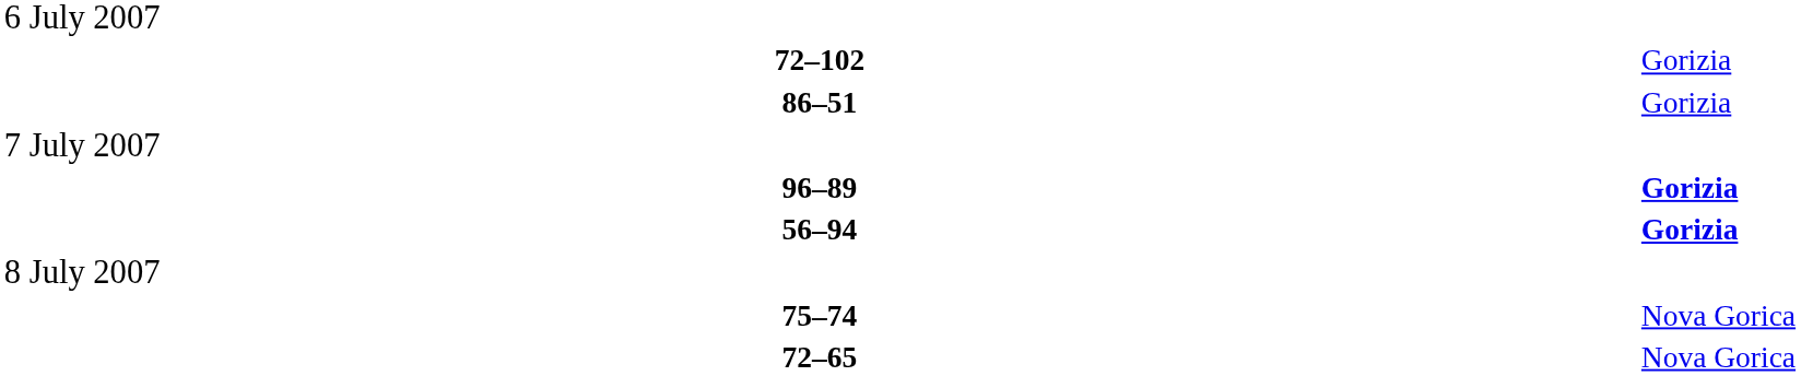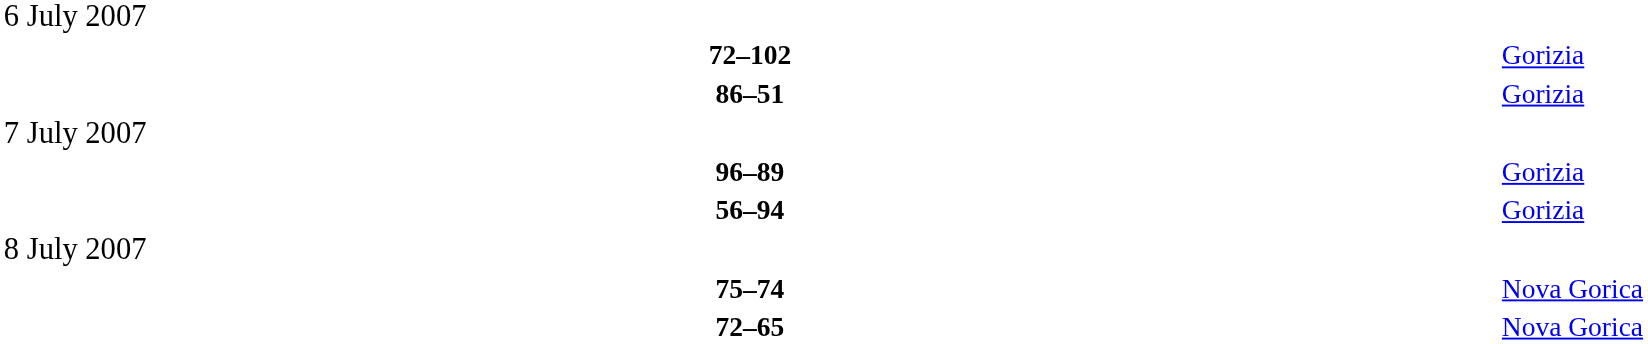 <table style="width:100%;" cellspacing="1">
 <tr>
 <th width=25%></th>
 <th width=3%></th>
 <th width=6%></th>
 <th width=3%></th>
 <th width=25%></th>
 </tr>
 <tr>
 <td>6 July 2007</td>
 </tr>
 <tr style=font-size:90%>
 <td align=right><strong></strong></td>
 <td></td>
 <td align=center><strong>72–102</strong></td>
 <td></td>
 <td><strong></strong></td>
 <td><a href='#'>Gorizia</a></td>
 </tr>
 <tr style=font-size:90%>
 <td align=right><strong></strong></td>
 <td></td>
 <td align=center><strong>86–51</strong></td>
 <td></td>
 <td><strong></strong></td>
 <td><a href='#'>Gorizia</a></td>
 </tr>
 <tr>
 <td>7 July 2007</td>
 </tr>
 <tr style=font-size:90%>
 <td align=right><strong></strong></td>
 <td></td>
 <td align=center><strong>96–89</strong></td>
 <td></td>
 <td><strong></strong></td>
-<td><strong><a href='#'>Gorizia</a></strong></td>
+<td><a href='#'>Gorizia</a></td>
 </tr>
 <tr style=font-size:90%>
 <td align=right><strong></strong></td>
 <td></td>
 <td align=center><strong>56–94</strong></td>
 <td></td>
 <td><strong></strong></td>
-<td><strong><a href='#'>Gorizia</a></strong></td>
+<td><a href='#'>Gorizia</a></td>
 </tr>
 <tr>
 <td>8 July 2007</td>
 </tr>
 <tr style=font-size:90%>
 <td align=right><strong></strong></td>
 <td></td>
 <td align=center><strong>75–74</strong></td>
 <td></td>
 <td><strong></strong></td>
 <td><a href='#'>Nova Gorica</a></td>
 </tr>
 <tr style=font-size:90%>
 <td align=right><strong></strong></td>
 <td></td>
 <td align=center><strong>72–65</strong></td>
 <td></td>
 <td><strong></strong></td>
 <td><a href='#'>Nova Gorica</a></td>
 </tr>
 </table>
